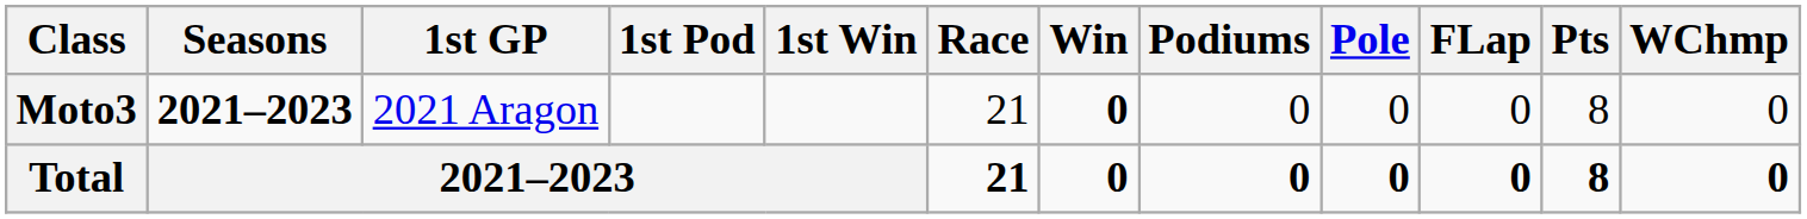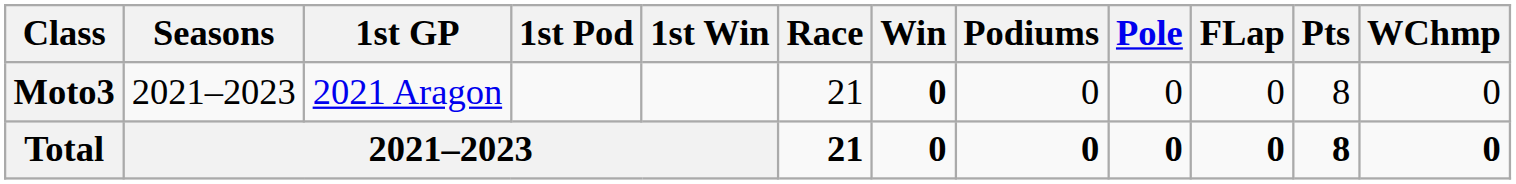 <table class="wikitable" style="text-align:right;">
 <tr>
 <th>Class</th>
 <th>Seasons</th>
 <th>1st GP</th>
 <th>1st Pod</th>
 <th>1st Win</th>
 <th>Race</th>
 <th>Win</th>
 <th>Podiums</th>
 <th><a href='#'>Pole</a></th>
 <th>FLap</th>
 <th>Pts</th>
 <th>WChmp</th>
 </tr>
 <tr>
 <th>Moto3</th>
-<td><strong>2021–2023</strong></td>
+<td>2021–2023</td>
 <td style="text-align:left;"><a href='#'>2021 Aragon</a></td>
 <td></td>
 <td></td>
 <td>21</td>
 <td><strong>0</strong></td>
 <td>0</td>
 <td>0</td>
 <td>0</td>
 <td>8</td>
 <td>0</td>
 </tr>
 <tr>
 <th>Total</th>
 <th colspan="4">2021–2023</th>
 <td><strong>21</strong></td>
 <td><strong>0</strong></td>
 <td><strong>0</strong></td>
 <td><strong>0</strong></td>
 <td><strong>0</strong></td>
 <td><strong>8</strong></td>
 <td><strong>0</strong></td>
 </tr>
 </table>
